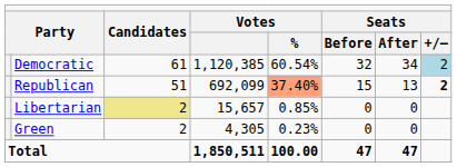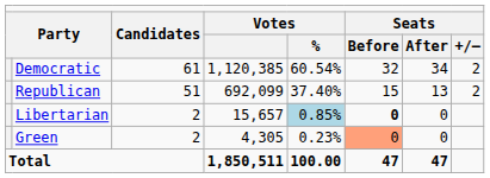 <table class="wikitable">
 <tr>
 <td colspan=13 align=center></td>
 </tr>
 <tr>
 <th rowspan="2" colspan="2">Party</th>
 <th rowspan="2">Candidates</th>
 <th colspan="2">Votes</th>
 <th colspan="3">Seats</th>
 </tr>
 <tr>
 <th></th>
 <th>%</th>
 <th>Before</th>
 <th>After</th>
 <th>+/–</th>
 </tr>
 <tr>
 <th style="background-color:"></th>
 <td><a href='#'>Democratic</a></td>
 <td align="right">61</td>
 <td align="right">1,120,385</td>
 <td align="right">60.54%</td>
 <td align="right" >32</td>
 <td align="right" >34</td>
-<td align="right" style="background: lightblue;"> 2</td>
+<td align="right"> 2</td>
 </tr>
 <tr>
 <th style="background-color:"></th>
 <td><a href='#'>Republican</a></td>
 <td align="right">51</td>
 <td align="right">692,099</td>
-<td align="right" style="background: lightsalmon;">37.40%</td>
+<td align="right">37.40%</td>
 <td align="right">15</td>
 <td align="right">13</td>
-<td align="right"><strong> 2</strong></td>
+<td align="right"> 2</td>
 </tr>
 <tr>
 <th style="background-color:"></th>
 <td><a href='#'>Libertarian</a></td>
-<td align="right" style="background: khaki;">2</td>
+<td align="right">2</td>
 <td align="right">15,657</td>
-<td align="right">0.85%</td>
-<td align="right">0</td>
+<td align="right" style="background: lightblue;">0.85%</td>
+<td align="right"><strong>0</strong></td>
 <td align="right">0</td>
 <td align="right"></td>
 </tr>
 <tr>
 <th style="background-color:"></th>
 <td><a href='#'>Green</a></td>
 <td align="right">2</td>
 <td align="right">4,305</td>
 <td align="right">0.23%</td>
-<td align="right">0</td>
+<td align="right" style="background: lightsalmon;">0</td>
 <td align="right">0</td>
 <td align="right"></td>
 </tr>
 <tr>
 <td colspan="3" align="left"><strong>Total</strong></td>
 <td align="right"><strong>1,850,511</strong></td>
 <td align="right"><strong>100.00</strong></td>
 <td align="right"><strong>47</strong></td>
 <td align="right"><strong>47</strong></td>
 <td align="right"></td>
 </tr>
 </table>
